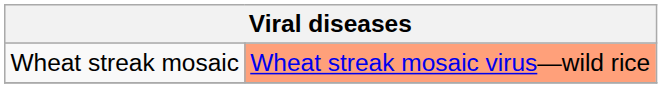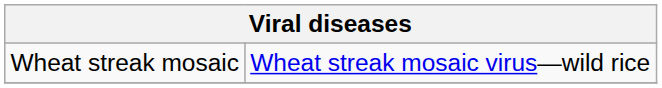 <table class="wikitable" style="clear">
 <tr>
 <th colspan=2><strong>Viral diseases</strong><br></th>
 </tr>
 <tr>
 <td>Wheat streak mosaic</td>
-<td style="background: lightsalmon;"><a href='#'>Wheat streak mosaic virus</a>—wild rice</td>
+<td><a href='#'>Wheat streak mosaic virus</a>—wild rice</td>
 </tr>
 <tr>
 </tr>
 </table>
